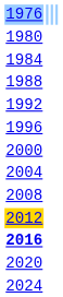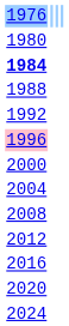 <table>
 <tr bgcolor=#9acdff>
 <td><a href='#'>1976</a></td>
 <td></td>
 <td></td>
 <td></td>
 </tr>
 <tr>
 <td><a href='#'>1980</a></td>
 <td></td>
 <td></td>
 <td></td>
 </tr>
 <tr>
-<td><a href='#'>1984</a></td>
+<td><strong><a href='#'>1984</a></strong></td>
 <td></td>
 <td></td>
 <td></td>
 </tr>
 <tr>
 <td><a href='#'>1988</a></td>
 <td></td>
 <td></td>
 <td></td>
 </tr>
 <tr>
 <td><a href='#'>1992</a></td>
 <td></td>
 <td></td>
 <td></td>
 </tr>
 <tr>
-<td><a href='#'>1996</a></td>
+<td style="background: pink;"><a href='#'>1996</a></td>
 <td></td>
 <td></td>
 <td></td>
 </tr>
 <tr>
 <td><a href='#'>2000</a></td>
 <td></td>
 <td></td>
 <td></td>
 </tr>
 <tr>
 <td><a href='#'>2004</a></td>
 <td></td>
 <td></td>
 <td></td>
 </tr>
 <tr>
 <td><a href='#'>2008</a></td>
 <td></td>
 <td></td>
 <td></td>
 </tr>
 <tr>
-<td style="background: gold;"><a href='#'>2012</a></td>
+<td><a href='#'>2012</a></td>
 <td></td>
 <td></td>
 <td></td>
 </tr>
 <tr>
-<td><strong><a href='#'>2016</a></strong></td>
+<td><a href='#'>2016</a></td>
 <td></td>
 <td></td>
 <td></td>
 </tr>
 <tr>
 <td><a href='#'>2020</a></td>
 <td></td>
 <td></td>
 <td></td>
 </tr>
 <tr>
 <td><a href='#'>2024</a></td>
 <td></td>
 <td></td>
 <td></td>
 </tr>
 <tr>
 </tr>
 </table>
